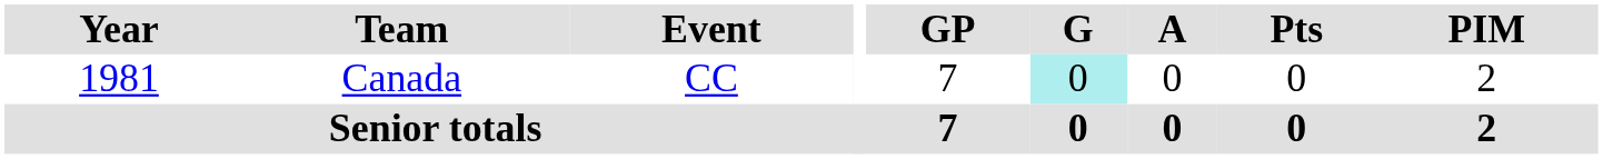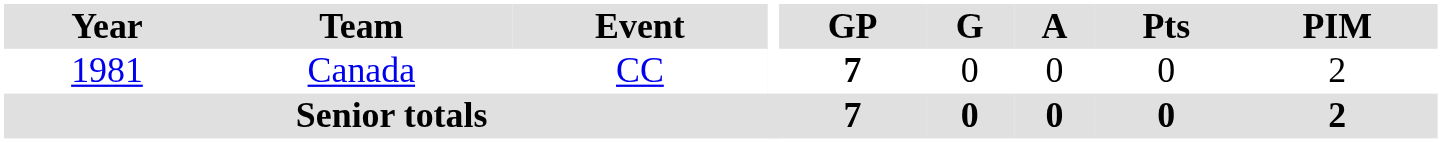 <table border="0" cellpadding="1" cellspacing="0" ID="Table3" style="text-align:center; width:40em">
 <tr bgcolor="#e0e0e0">
 <th>Year</th>
 <th>Team</th>
 <th>Event</th>
 <th rowspan="102" bgcolor="#ffffff"></th>
 <th>GP</th>
 <th>G</th>
 <th>A</th>
 <th>Pts</th>
 <th>PIM</th>
 </tr>
 <tr>
 <td><a href='#'>1981</a></td>
 <td><a href='#'>Canada</a></td>
 <td><a href='#'>CC</a></td>
-<td>7</td>
-<td style="background: paleturquoise;">0</td>
+<td><strong>7</strong></td>
+<td>0</td>
 <td>0</td>
 <td>0</td>
 <td>2</td>
 </tr>
 <tr bgcolor="#e0e0e0">
 <th colspan="4">Senior totals</th>
 <th>7</th>
 <th>0</th>
 <th>0</th>
 <th>0</th>
 <th>2</th>
 </tr>
 </table>
